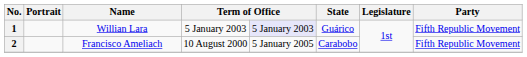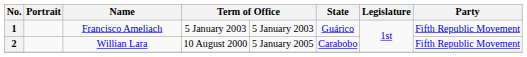 <table class="wikitable" style="text-align:center">
 <tr>
 <th>No.</th>
 <th>Portrait</th>
 <th width="180">Name</th>
 <th colspan="2">Term of Office</th>
 <th>State</th>
 <th>Legislature</th>
 <th>Party</th>
 </tr>
 <tr>
 <th style="background:">1</th>
 <td></td>
-<td><a href='#'>Willian Lara</a></td>
+<td><a href='#'>Francisco Ameliach</a></td>
 <td>5 January 2003</td>
-<td style="background: lavender;">5 January 2003</td>
+<td>5 January 2003</td>
 <td><a href='#'>Guárico</a></td>
 <td rowspan="2"><a href='#'>1st</a></td>
 <td><a href='#'>Fifth Republic Movement</a></td>
 </tr>
 <tr>
 <th style="background:">2</th>
 <td></td>
-<td><a href='#'>Francisco Ameliach</a></td>
+<td><a href='#'>Willian Lara</a></td>
 <td>10 August 2000</td>
 <td>5 January 2005</td>
 <td><a href='#'>Carabobo</a></td>
 <td><a href='#'>Fifth Republic Movement</a></td>
 </tr>
 <tr>
 </tr>
 </table>
